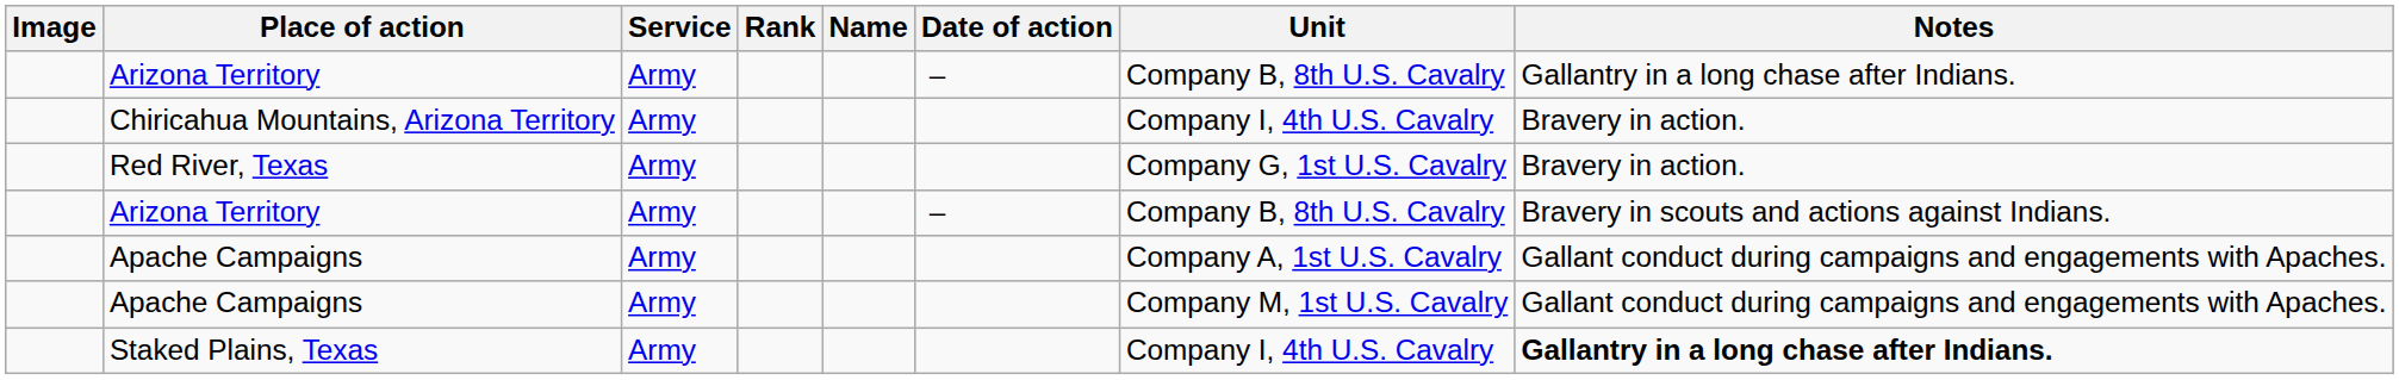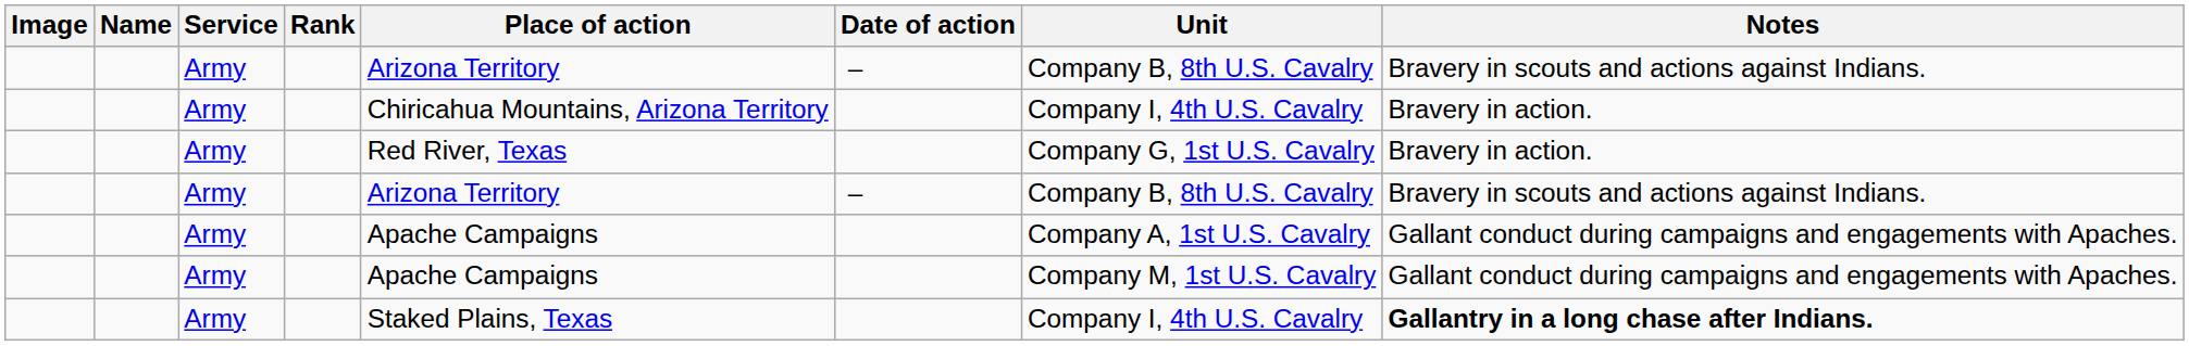 <table class="wikitable sortable">
 <tr>
 <th class="unsortable">Image</th>
-<th>Place of action</th>
+<th>Name</th>
 <th>Service</th>
 <th>Rank</th>
-<th>Name</th>
+<th>Place of action</th>
 <th>Date of action</th>
 <th>Unit</th>
 <th class="unsortable">Notes</th>
 </tr>
 <tr>
 <td></td>
-<td><a href='#'>Arizona Territory</a></td>
+<td></td>
 <td><a href='#'>Army</a></td>
 <td></td>
-<td></td>
+<td><a href='#'>Arizona Territory</a></td>
 <td> – </td>
 <td>Company B, <a href='#'>8th U.S. Cavalry</a></td>
-<td>Gallantry in a long chase after Indians.</td>
+<td>Bravery in scouts and actions against Indians.</td>
 </tr>
 <tr>
 <td></td>
-<td>Chiricahua Mountains, <a href='#'>Arizona Territory</a></td>
+<td></td>
 <td><a href='#'>Army</a></td>
 <td></td>
-<td></td>
+<td>Chiricahua Mountains, <a href='#'>Arizona Territory</a></td>
 <td></td>
 <td>Company I, <a href='#'>4th U.S. Cavalry</a></td>
 <td>Bravery in action.</td>
 </tr>
 <tr>
 <td></td>
-<td>Red River, <a href='#'>Texas</a></td>
+<td></td>
 <td><a href='#'>Army</a></td>
 <td></td>
-<td></td>
+<td>Red River, <a href='#'>Texas</a></td>
 <td></td>
 <td>Company G, <a href='#'>1st U.S. Cavalry</a></td>
 <td>Bravery in action.</td>
 </tr>
 <tr>
 <td></td>
-<td><a href='#'>Arizona Territory</a></td>
+<td></td>
 <td><a href='#'>Army</a></td>
 <td></td>
-<td></td>
+<td><a href='#'>Arizona Territory</a></td>
 <td> – </td>
 <td>Company B, <a href='#'>8th U.S. Cavalry</a></td>
 <td>Bravery in scouts and actions against Indians.</td>
 </tr>
 <tr>
 <td></td>
-<td>Apache Campaigns</td>
+<td></td>
 <td><a href='#'>Army</a></td>
 <td></td>
-<td></td>
+<td>Apache Campaigns</td>
 <td></td>
 <td>Company A, <a href='#'>1st U.S. Cavalry</a></td>
 <td>Gallant conduct during campaigns and engagements with Apaches.</td>
 </tr>
 <tr>
 <td></td>
-<td>Apache Campaigns</td>
+<td></td>
 <td><a href='#'>Army</a></td>
 <td></td>
-<td></td>
+<td>Apache Campaigns</td>
 <td></td>
 <td>Company M, <a href='#'>1st U.S. Cavalry</a></td>
 <td>Gallant conduct during campaigns and engagements with Apaches.</td>
 </tr>
 <tr>
 <td></td>
-<td>Staked Plains, <a href='#'>Texas</a></td>
+<td></td>
 <td><a href='#'>Army</a></td>
 <td></td>
-<td></td>
+<td>Staked Plains, <a href='#'>Texas</a></td>
 <td></td>
 <td>Company I, <a href='#'>4th U.S. Cavalry</a></td>
 <td><strong>Gallantry in a long chase after Indians.</strong></td>
 </tr>
 </table>
